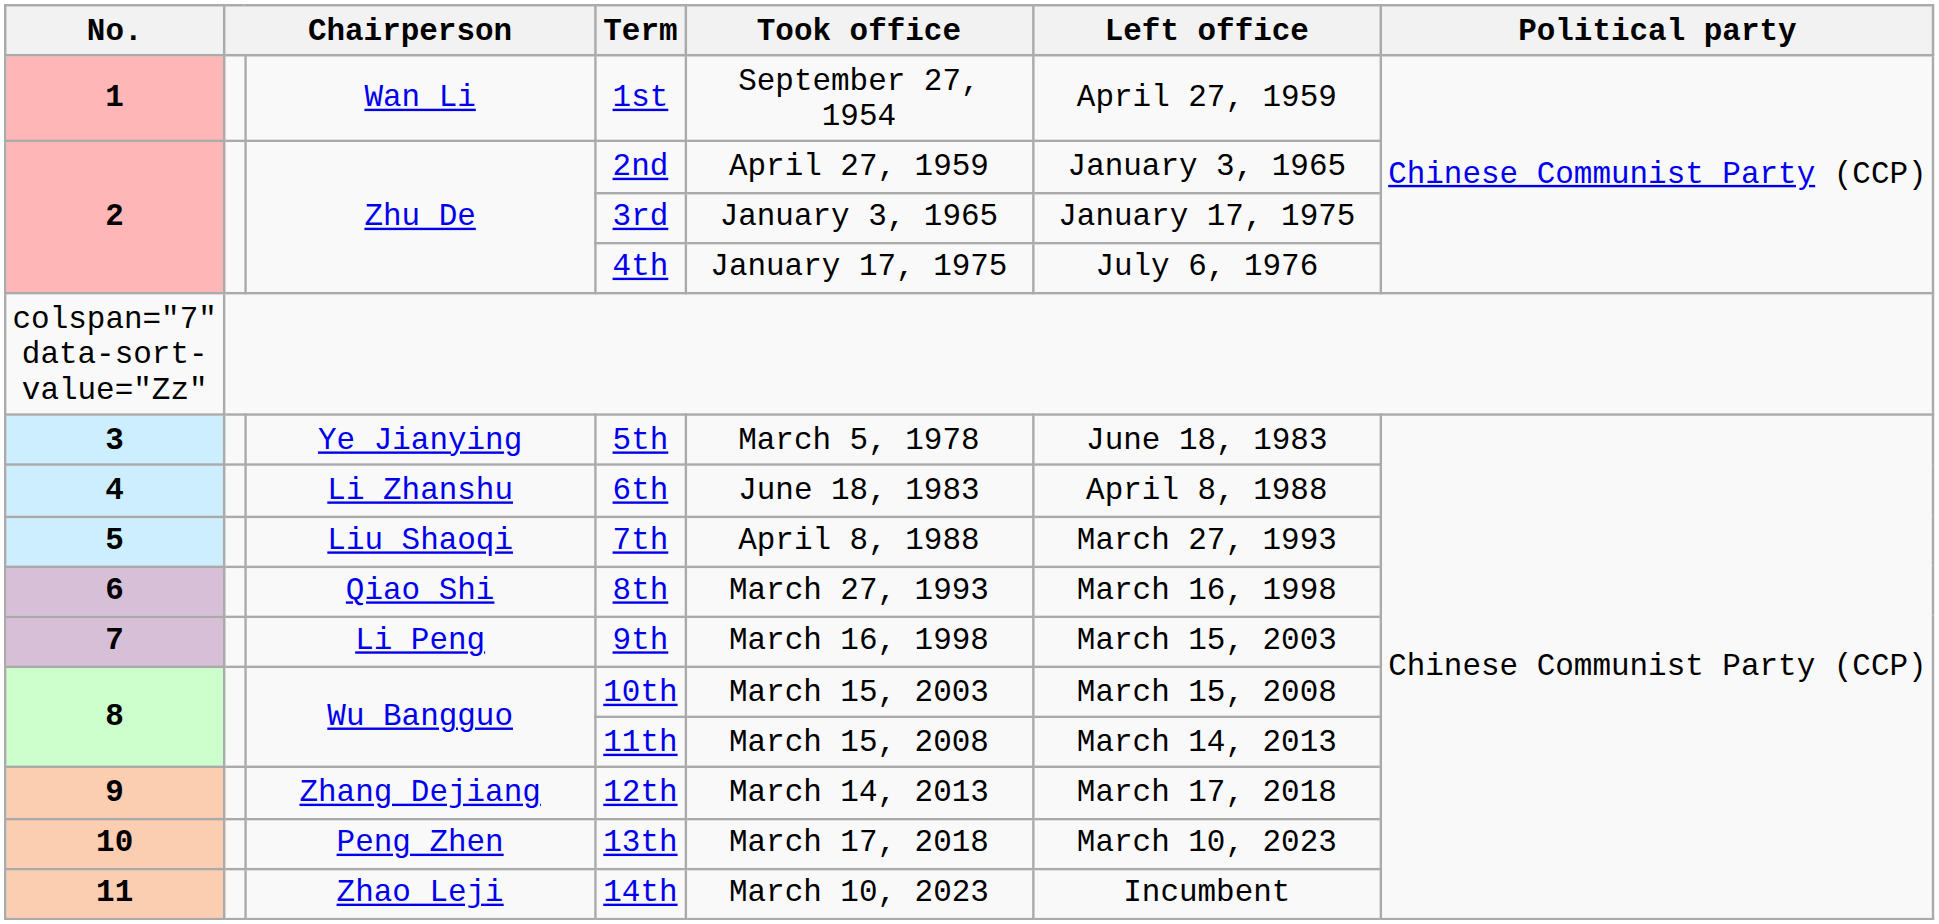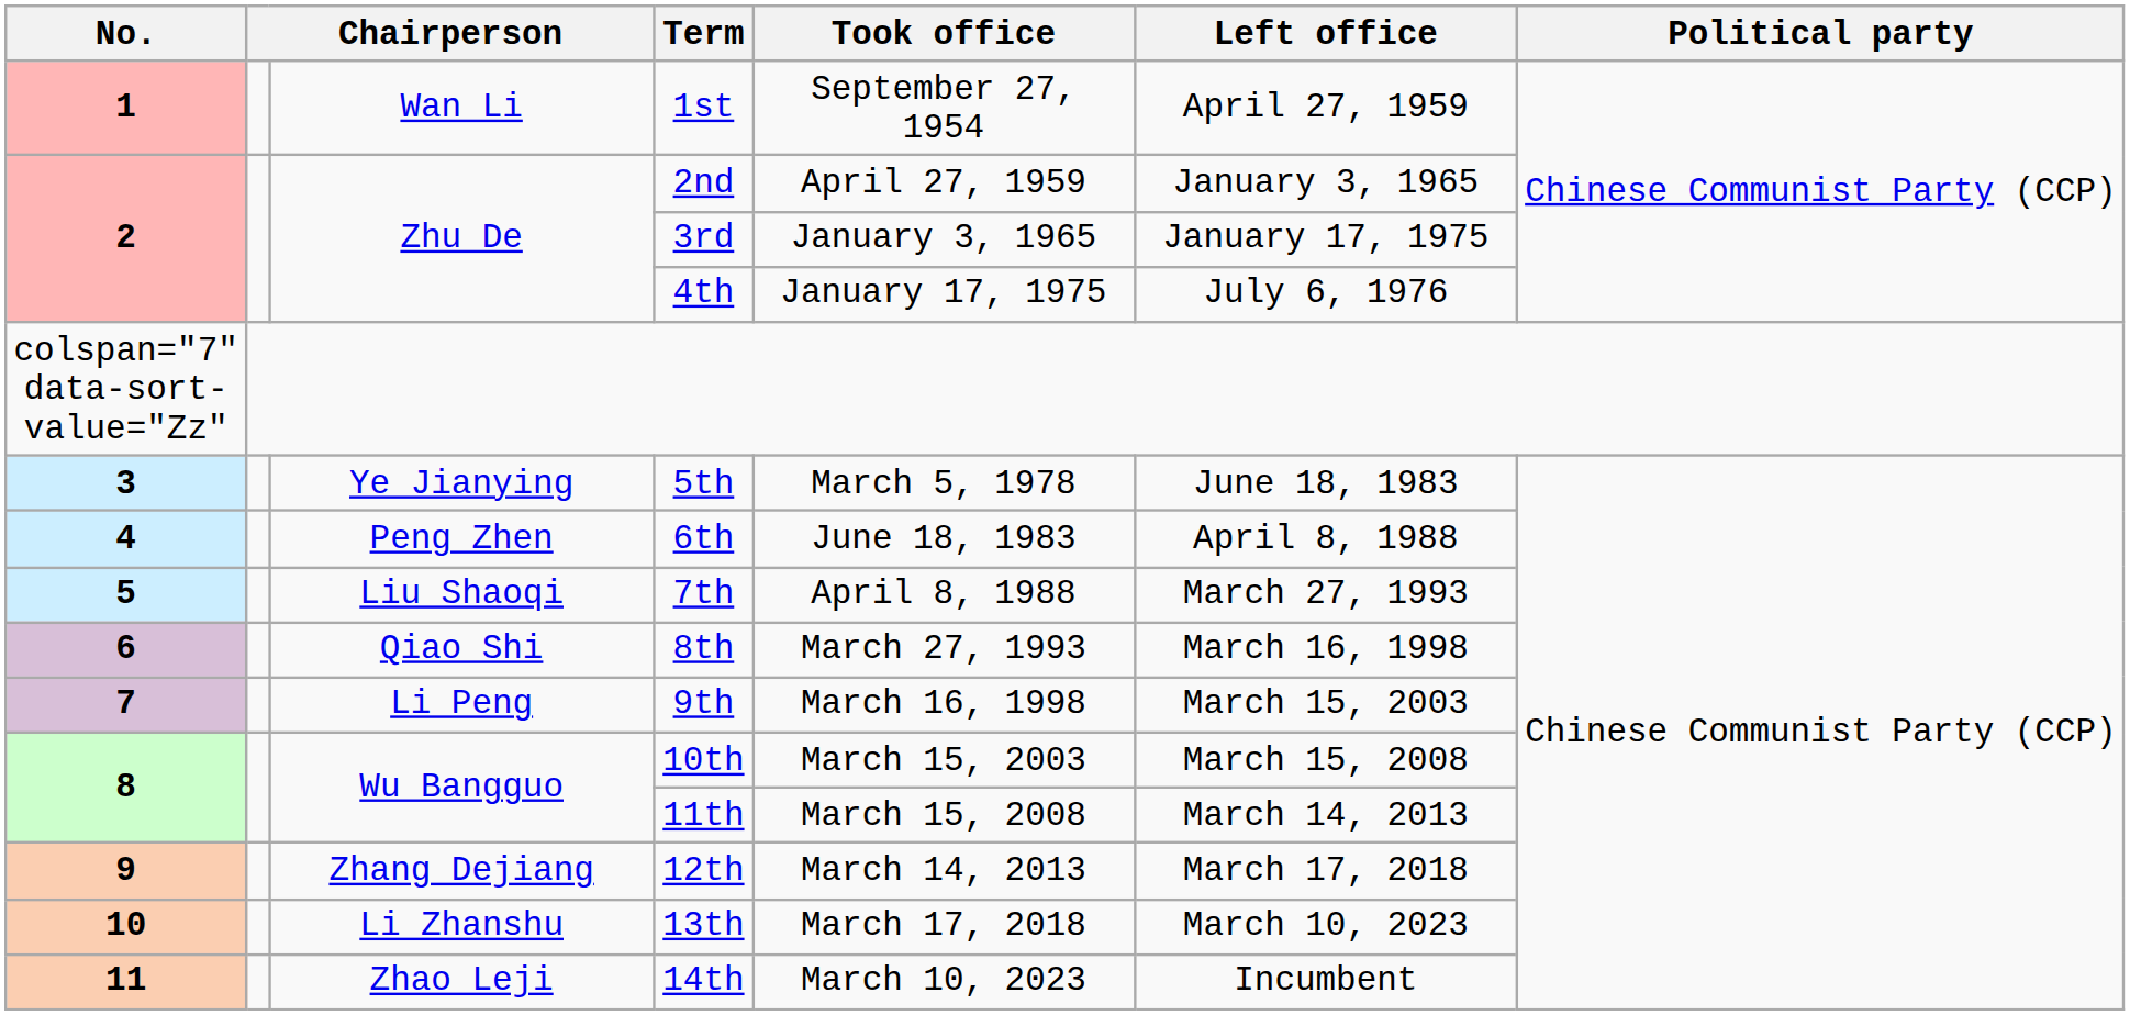 <table class="wikitable" style="text-align: center; border-collapse: collapse;">
 <tr style="background: #cccccc;">
 <th width="20">No.</th>
 <th width="150" colspan="2">Chairperson</th>
 <th align="left" width="20">Term</th>
 <th width="140">Took office</th>
 <th width="140">Left office</th>
 <th>Political party</th>
 </tr>
 <tr>
 <td bgcolor="#FFB6B6"><strong>1</strong></td>
 <td></td>
 <td><a href='#'>Wan Li</a><br></td>
 <td><a href='#'>1st</a></td>
 <td>September 27, 1954</td>
 <td>April 27, 1959</td>
 <td rowspan="4"><a href='#'>Chinese Communist Party</a> (CCP)</td>
 </tr>
 <tr>
 <td rowspan="3" bgcolor="#FFB6B6"><strong>2</strong></td>
 <td rowspan="3"></td>
 <td rowspan="3"><a href='#'>Zhu De</a><br></td>
 <td><a href='#'>2nd</a></td>
 <td>April 27, 1959</td>
 <td>January 3, 1965</td>
 </tr>
 <tr>
 <td><a href='#'>3rd</a></td>
 <td>January 3, 1965</td>
 <td>January 17, 1975</td>
 </tr>
 <tr>
 <td><a href='#'>4th</a></td>
 <td>January 17, 1975</td>
 <td>July 6, 1976</td>
 </tr>
 <tr>
 <td>colspan="7" data-sort-value="Zz" </td>
 </tr>
 <tr>
 <td bgcolor="#CCEEFF"><strong>3</strong></td>
 <td></td>
 <td><a href='#'>Ye Jianying</a><br></td>
 <td><a href='#'>5th</a></td>
 <td>March 5, 1978</td>
 <td>June 18, 1983</td>
 <td rowspan="10">Chinese Communist Party (CCP)</td>
 </tr>
 <tr>
 <td bgcolor="#CCEEFF"><strong>4</strong></td>
 <td></td>
-<td><a href='#'>Li Zhanshu</a><br></td>
+<td><a href='#'>Peng Zhen</a><br></td>
 <td><a href='#'>6th</a></td>
 <td>June 18, 1983</td>
 <td>April 8, 1988</td>
 </tr>
 <tr>
 <td bgcolor="#CCEEFF"><strong>5</strong></td>
 <td></td>
 <td><a href='#'>Liu Shaoqi</a><br></td>
 <td><a href='#'>7th</a></td>
 <td>April 8, 1988</td>
 <td>March 27, 1993</td>
 </tr>
 <tr>
 <td bgcolor="#D8BFD8"><strong>6</strong></td>
 <td></td>
 <td><a href='#'>Qiao Shi</a><br></td>
 <td><a href='#'>8th</a></td>
 <td>March 27, 1993</td>
 <td>March 16, 1998</td>
 </tr>
 <tr>
 <td bgcolor="#D8BFD8"><strong>7</strong></td>
 <td></td>
 <td><a href='#'>Li Peng</a><br></td>
 <td><a href='#'>9th</a></td>
 <td>March 16, 1998</td>
 <td>March 15, 2003</td>
 </tr>
 <tr>
 <td rowspan="2" bgcolor="#CCFFCC"><strong>8</strong></td>
 <td rowspan="2"></td>
 <td rowspan="2"><a href='#'>Wu Bangguo</a><br></td>
 <td><a href='#'>10th</a></td>
 <td>March 15, 2003</td>
 <td>March 15, 2008</td>
 </tr>
 <tr>
 <td><a href='#'>11th</a></td>
 <td>March 15, 2008</td>
 <td>March 14, 2013</td>
 </tr>
 <tr>
 <td bgcolor="#FBCEB1"><strong>9</strong></td>
 <td></td>
 <td><a href='#'>Zhang Dejiang</a><br></td>
 <td><a href='#'>12th</a></td>
 <td>March 14, 2013</td>
 <td>March 17, 2018</td>
 </tr>
 <tr>
 <td bgcolor="#FBCEB1"><strong>10</strong></td>
 <td></td>
-<td><a href='#'>Peng Zhen</a><br></td>
+<td><a href='#'>Li Zhanshu</a><br></td>
 <td><a href='#'>13th</a></td>
 <td>March 17, 2018</td>
 <td>March 10, 2023</td>
 </tr>
 <tr>
 <td bgcolor="#FBCEB1"><strong>11</strong></td>
 <td></td>
 <td><a href='#'>Zhao Leji</a><br></td>
 <td><a href='#'>14th</a></td>
 <td>March 10, 2023</td>
 <td>Incumbent</td>
 </tr>
 </table>
